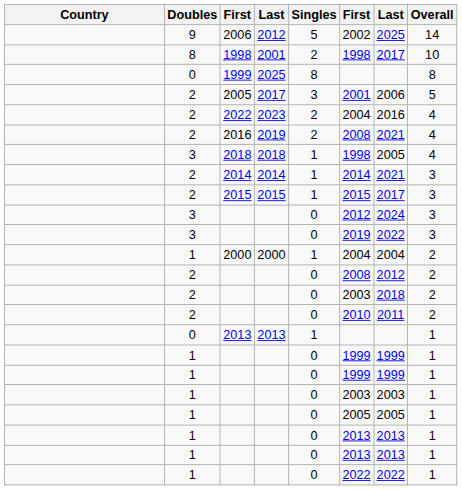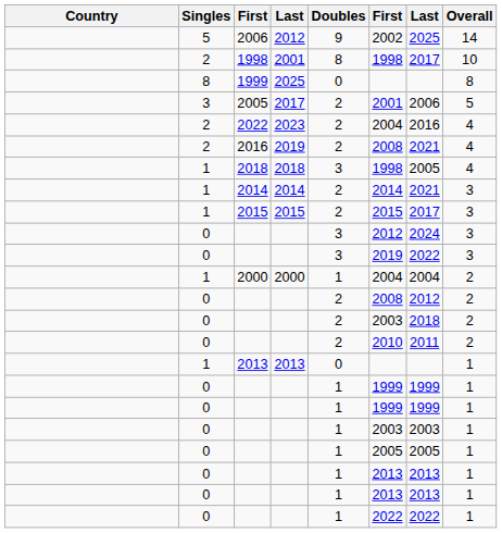 <table class="wikitable sortable" style="text-align:center; font-size:90%">
 <tr>
 <th width="175">Country</th>
-<th>Doubles</th>
+<th>Singles</th>
 <th>First</th>
 <th>Last</th>
-<th>Singles</th>
+<th>Doubles</th>
 <th>First</th>
 <th>Last</th>
 <th>Overall</th>
 </tr>
 <tr>
 <td align="left"></td>
-<td>9</td>
+<td>5</td>
 <td>2006</td>
 <td><a href='#'>2012</a></td>
-<td>5</td>
+<td>9</td>
 <td>2002</td>
 <td><a href='#'>2025</a></td>
 <td>14</td>
 </tr>
 <tr>
 <td align="left"></td>
-<td>8</td>
+<td>2</td>
 <td><a href='#'>1998</a></td>
 <td><a href='#'>2001</a></td>
-<td>2</td>
+<td>8</td>
 <td><a href='#'>1998</a></td>
 <td><a href='#'>2017</a></td>
 <td>10</td>
 </tr>
 <tr>
 <td align="left"></td>
-<td>0</td>
+<td>8</td>
 <td><a href='#'>1999</a></td>
 <td><a href='#'>2025</a></td>
-<td>8</td>
+<td>0</td>
 <td></td>
 <td></td>
 <td>8</td>
 </tr>
 <tr>
 <td align="left"></td>
-<td>2</td>
+<td>3</td>
 <td>2005</td>
 <td><a href='#'>2017</a></td>
-<td>3</td>
+<td>2</td>
 <td><a href='#'>2001</a></td>
 <td>2006</td>
 <td>5</td>
 </tr>
 <tr>
 <td align="left"></td>
 <td>2</td>
 <td><a href='#'>2022</a></td>
 <td><a href='#'>2023</a></td>
 <td>2</td>
 <td>2004</td>
 <td>2016</td>
 <td>4</td>
 </tr>
 <tr>
 <td align="left"></td>
 <td>2</td>
 <td>2016</td>
 <td><a href='#'>2019</a></td>
 <td>2</td>
 <td><a href='#'>2008</a></td>
 <td><a href='#'>2021</a></td>
 <td>4</td>
 </tr>
 <tr>
 <td align="left"></td>
-<td>3</td>
+<td>1</td>
 <td><a href='#'>2018</a></td>
 <td><a href='#'>2018</a></td>
-<td>1</td>
+<td>3</td>
 <td><a href='#'>1998</a></td>
 <td>2005</td>
 <td>4</td>
 </tr>
 <tr>
 <td align="left"></td>
-<td>2</td>
+<td>1</td>
 <td><a href='#'>2014</a></td>
 <td><a href='#'>2014</a></td>
-<td>1</td>
+<td>2</td>
 <td><a href='#'>2014</a></td>
 <td><a href='#'>2021</a></td>
 <td>3</td>
 </tr>
 <tr>
 <td align="left"></td>
-<td>2</td>
+<td>1</td>
 <td><a href='#'>2015</a></td>
 <td><a href='#'>2015</a></td>
-<td>1</td>
+<td>2</td>
 <td><a href='#'>2015</a></td>
 <td><a href='#'>2017</a></td>
 <td>3</td>
 </tr>
 <tr>
 <td align="left"></td>
-<td>3</td>
+<td>0</td>
 <td></td>
 <td></td>
-<td>0</td>
+<td>3</td>
 <td><a href='#'>2012</a></td>
 <td><a href='#'>2024</a></td>
 <td>3</td>
 </tr>
 <tr>
 <td align="left"></td>
-<td>3</td>
+<td>0</td>
 <td></td>
 <td></td>
-<td>0</td>
+<td>3</td>
 <td><a href='#'>2019</a></td>
 <td><a href='#'>2022</a></td>
 <td>3</td>
 </tr>
 <tr>
 <td align="left"></td>
 <td>1</td>
 <td>2000</td>
 <td>2000</td>
 <td>1</td>
 <td>2004</td>
 <td>2004</td>
 <td>2</td>
 </tr>
 <tr>
 <td align="left"></td>
-<td>2</td>
+<td>0</td>
 <td></td>
 <td></td>
-<td>0</td>
+<td>2</td>
 <td><a href='#'>2008</a></td>
 <td><a href='#'>2012</a></td>
 <td>2</td>
 </tr>
 <tr>
 <td align="left"></td>
-<td>2</td>
+<td>0</td>
 <td></td>
 <td></td>
-<td>0</td>
+<td>2</td>
 <td>2003</td>
 <td><a href='#'>2018</a></td>
 <td>2</td>
 </tr>
 <tr>
 <td align="left"></td>
-<td>2</td>
+<td>0</td>
 <td></td>
 <td></td>
-<td>0</td>
+<td>2</td>
 <td><a href='#'>2010</a></td>
 <td><a href='#'>2011</a></td>
 <td>2</td>
 </tr>
 <tr>
 <td align="left"></td>
-<td>0</td>
+<td>1</td>
 <td><a href='#'>2013</a></td>
 <td><a href='#'>2013</a></td>
-<td>1</td>
+<td>0</td>
 <td></td>
 <td></td>
 <td>1</td>
 </tr>
 <tr>
 <td align="left"></td>
-<td>1</td>
+<td>0</td>
 <td></td>
 <td></td>
-<td>0</td>
+<td>1</td>
 <td><a href='#'>1999</a></td>
 <td><a href='#'>1999</a></td>
 <td>1</td>
 </tr>
 <tr>
 <td align="left"></td>
-<td>1</td>
+<td>0</td>
 <td></td>
 <td></td>
-<td>0</td>
+<td>1</td>
 <td><a href='#'>1999</a></td>
 <td><a href='#'>1999</a></td>
 <td>1</td>
 </tr>
 <tr>
 <td align="left"></td>
-<td>1</td>
+<td>0</td>
 <td></td>
 <td></td>
-<td>0</td>
+<td>1</td>
 <td>2003</td>
 <td>2003</td>
 <td>1</td>
 </tr>
 <tr>
 <td align="left"></td>
-<td>1</td>
+<td>0</td>
 <td></td>
 <td></td>
-<td>0</td>
+<td>1</td>
 <td>2005</td>
 <td>2005</td>
 <td>1</td>
 </tr>
 <tr>
 <td align="left"></td>
-<td>1</td>
+<td>0</td>
 <td></td>
 <td></td>
-<td>0</td>
+<td>1</td>
 <td><a href='#'>2013</a></td>
 <td><a href='#'>2013</a></td>
 <td>1</td>
 </tr>
 <tr>
 <td align="left"></td>
-<td>1</td>
+<td>0</td>
 <td></td>
 <td></td>
-<td>0</td>
+<td>1</td>
 <td><a href='#'>2013</a></td>
 <td><a href='#'>2013</a></td>
 <td>1</td>
 </tr>
 <tr>
 <td align="left"></td>
-<td>1</td>
+<td>0</td>
 <td></td>
 <td></td>
-<td>0</td>
+<td>1</td>
 <td><a href='#'>2022</a></td>
 <td><a href='#'>2022</a></td>
 <td>1</td>
 </tr>
 </table>
